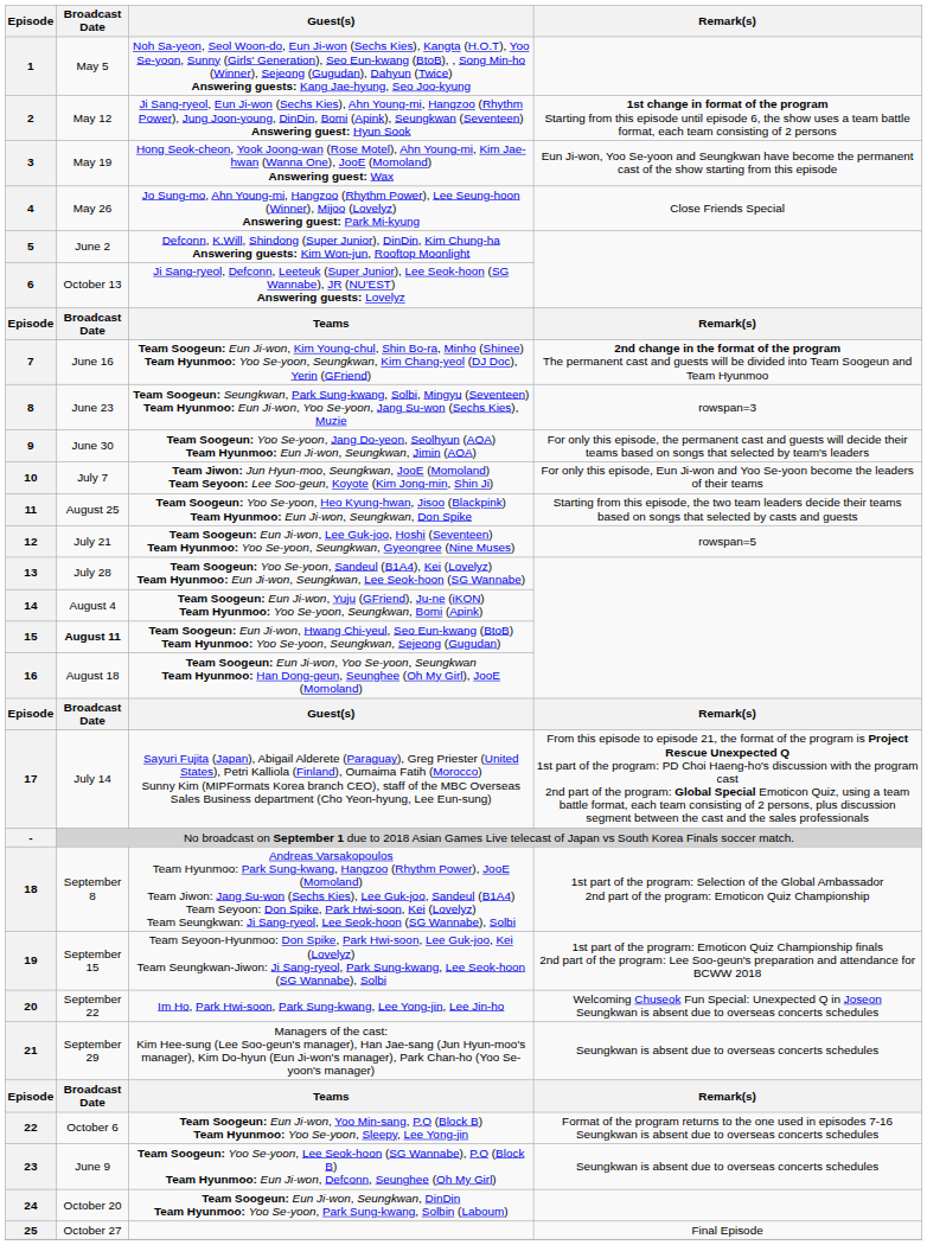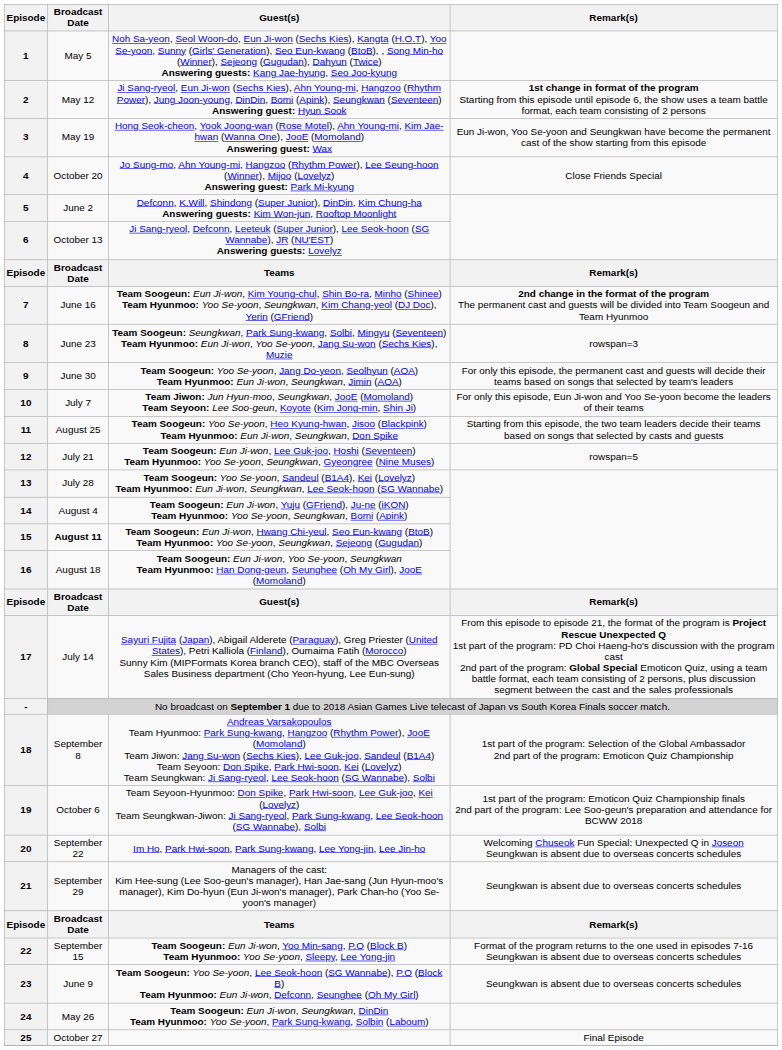 <table class=wikitable style=text-align:center>
 <tr>
 <th>Episode</th>
 <th>Broadcast Date</th>
 <th>Guest(s)</th>
 <th>Remark(s)</th>
 </tr>
 <tr>
 <th>1</th>
 <td>May 5</td>
 <td><a href='#'>Noh Sa-yeon</a>, <a href='#'>Seol Woon-do</a>, <a href='#'>Eun Ji-won</a> (<a href='#'>Sechs Kies</a>), <a href='#'>Kangta</a> (<a href='#'>H.O.T</a>), <a href='#'>Yoo Se-yoon</a>, <a href='#'>Sunny</a> (<a href='#'>Girls' Generation</a>), <a href='#'>Seo Eun-kwang</a> (<a href='#'>BtoB</a>), , <a href='#'>Song Min-ho</a> (<a href='#'>Winner</a>), <a href='#'>Sejeong</a> (<a href='#'>Gugudan</a>), <a href='#'>Dahyun</a> (<a href='#'>Twice</a>)<br><strong>Answering guests:</strong> <a href='#'>Kang Jae-hyung</a>, <a href='#'>Seo Joo-kyung</a></td>
 <td></td>
 </tr>
 <tr>
 <th>2</th>
 <td>May 12</td>
 <td><a href='#'>Ji Sang-ryeol</a>, <a href='#'>Eun Ji-won</a> (<a href='#'>Sechs Kies</a>), <a href='#'>Ahn Young-mi</a>, <a href='#'>Hangzoo</a> (<a href='#'>Rhythm Power</a>), <a href='#'>Jung Joon-young</a>, <a href='#'>DinDin</a>, <a href='#'>Bomi</a> (<a href='#'>Apink</a>), <a href='#'>Seungkwan</a> (<a href='#'>Seventeen</a>)<br><strong>Answering guest:</strong> <a href='#'>Hyun Sook</a></td>
 <td><strong>1st change in format of the program</strong><br>Starting from this episode until episode 6, the show uses a team battle format, each team consisting of 2 persons</td>
 </tr>
 <tr>
 <th>3</th>
 <td>May 19</td>
 <td><a href='#'>Hong Seok-cheon</a>, <a href='#'>Yook Joong-wan</a> (<a href='#'>Rose Motel</a>), <a href='#'>Ahn Young-mi</a>, <a href='#'>Kim Jae-hwan</a> (<a href='#'>Wanna One</a>), <a href='#'>JooE</a> (<a href='#'>Momoland</a>)<br><strong>Answering guest:</strong> <a href='#'>Wax</a></td>
 <td>Eun Ji-won, Yoo Se-yoon and Seungkwan have become the permanent cast of the show starting from this episode</td>
 </tr>
 <tr>
 <th>4</th>
-<td>May 26</td>
+<td>October 20</td>
 <td><a href='#'>Jo Sung-mo</a>, <a href='#'>Ahn Young-mi</a>, <a href='#'>Hangzoo</a> (<a href='#'>Rhythm Power</a>), <a href='#'>Lee Seung-hoon</a> (<a href='#'>Winner</a>), <a href='#'>Mijoo</a> (<a href='#'>Lovelyz</a>)<br><strong>Answering guest:</strong> <a href='#'>Park Mi-kyung</a></td>
 <td>Close Friends Special</td>
 </tr>
 <tr>
 <th>5</th>
 <td>June 2</td>
 <td><a href='#'>Defconn</a>, <a href='#'>K.Will</a>, <a href='#'>Shindong</a> (<a href='#'>Super Junior</a>), <a href='#'>DinDin</a>, <a href='#'>Kim Chung-ha</a><br><strong>Answering guests:</strong> <a href='#'>Kim Won-jun</a>, <a href='#'>Rooftop Moonlight</a></td>
 </tr>
 <tr>
 <th>6</th>
 <td>October 13</td>
 <td><a href='#'>Ji Sang-ryeol</a>, <a href='#'>Defconn</a>, <a href='#'>Leeteuk</a> (<a href='#'>Super Junior</a>), <a href='#'>Lee Seok-hoon</a> (<a href='#'>SG Wannabe</a>), <a href='#'>JR</a> (<a href='#'>NU'EST</a>)<br><strong>Answering guests:</strong> <a href='#'>Lovelyz</a></td>
 </tr>
 <tr>
 <th>Episode</th>
 <th>Broadcast Date</th>
 <th>Teams</th>
 <th>Remark(s)</th>
 </tr>
 <tr>
 <th>7</th>
 <td>June 16</td>
 <td><strong>Team Soogeun:</strong> <em>Eun Ji-won</em>, <a href='#'>Kim Young-chul</a>, <a href='#'>Shin Bo-ra</a>, <a href='#'>Minho</a> (<a href='#'>Shinee</a>)<br><strong>Team Hyunmoo:</strong> <em>Yoo Se-yoon</em>, <em>Seungkwan</em>, <a href='#'>Kim Chang-yeol</a> (<a href='#'>DJ Doc</a>), <a href='#'>Yerin</a> (<a href='#'>GFriend</a>)</td>
 <td><strong>2nd change in the format of the program</strong><br>The permanent cast and guests will be divided into Team Soogeun and Team Hyunmoo</td>
 </tr>
 <tr style=text-align:center>
 <th>8</th>
 <td>June 23</td>
 <td><strong>Team Soogeun:</strong> <em>Seungkwan</em>, <a href='#'>Park Sung-kwang</a>, <a href='#'>Solbi</a>, <a href='#'>Mingyu</a> (<a href='#'>Seventeen</a>)<br><strong>Team Hyunmoo:</strong> <em>Eun Ji-won</em>, <em>Yoo Se-yoon</em>, <a href='#'>Jang Su-won</a> (<a href='#'>Sechs Kies</a>), <a href='#'>Muzie</a></td>
 <td>rowspan=3 </td>
 </tr>
 <tr>
 <th>9</th>
 <td>June 30</td>
 <td><strong>Team Soogeun:</strong> <em>Yoo Se-yoon</em>, <a href='#'>Jang Do-yeon</a>, <a href='#'>Seolhyun</a> (<a href='#'>AOA</a>)<br><strong>Team Hyunmoo:</strong> <em>Eun Ji-won</em>, <em>Seungkwan</em>, <a href='#'>Jimin</a> (<a href='#'>AOA</a>)</td>
 <td>For only this episode, the permanent cast and guests will decide their teams based on songs that selected by team's leaders</td>
 </tr>
 <tr>
 <th>10</th>
 <td>July 7</td>
 <td><strong>Team Jiwon:</strong> <em>Jun Hyun-moo</em>, <em>Seungkwan</em>, <a href='#'>JooE</a> (<a href='#'>Momoland</a>)<br><strong>Team Seyoon:</strong> <em>Lee Soo-geun</em>, <a href='#'>Koyote</a> (<a href='#'>Kim Jong-min</a>, <a href='#'>Shin Ji</a>)</td>
 <td>For only this episode, Eun Ji-won and Yoo Se-yoon become the leaders of their teams</td>
 </tr>
 <tr>
 <th>11</th>
 <td>August 25</td>
 <td><strong>Team Soogeun:</strong> <em>Yoo Se-yoon</em>, <a href='#'>Heo Kyung-hwan</a>, <a href='#'>Jisoo</a> (<a href='#'>Blackpink</a>)<br><strong>Team Hyunmoo:</strong> <em>Eun Ji-won</em>, <em>Seungkwan</em>, <a href='#'>Don Spike</a></td>
 <td>Starting from this episode, the two team leaders decide their teams based on songs that selected by casts and guests</td>
 </tr>
 <tr>
 <th>12</th>
 <td>July 21</td>
 <td><strong>Team Soogeun:</strong> <em>Eun Ji-won</em>, <a href='#'>Lee Guk-joo</a>, <a href='#'>Hoshi</a> (<a href='#'>Seventeen</a>)<br><strong>Team Hyunmoo:</strong> <em>Yoo Se-yoon</em>, <em>Seungkwan</em>, <a href='#'>Gyeongree</a> (<a href='#'>Nine Muses</a>)</td>
 <td>rowspan=5 </td>
 </tr>
 <tr>
 <th>13</th>
 <td>July 28</td>
 <td><strong>Team Soogeun:</strong> <em>Yoo Se-yoon</em>, <a href='#'>Sandeul</a> (<a href='#'>B1A4</a>), <a href='#'>Kei</a> (<a href='#'>Lovelyz</a>) <br><strong>Team Hyunmoo:</strong> <em>Eun Ji-won</em>, <em>Seungkwan</em>, <a href='#'>Lee Seok-hoon</a> (<a href='#'>SG Wannabe</a>)</td>
 </tr>
 <tr>
 <th>14</th>
 <td>August 4</td>
 <td><strong>Team Soogeun:</strong> <em>Eun Ji-won</em>, <a href='#'>Yuju</a> (<a href='#'>GFriend</a>), <a href='#'>Ju-ne</a> (<a href='#'>iKON</a>) <br><strong>Team Hyunmoo:</strong> <em>Yoo Se-yoon</em>, <em>Seungkwan</em>, <a href='#'>Bomi</a> (<a href='#'>Apink</a>)</td>
 </tr>
 <tr>
 <th>15</th>
 <td><strong>August 11</strong></td>
 <td><strong>Team Soogeun:</strong> <em>Eun Ji-won</em>, <a href='#'>Hwang Chi-yeul</a>, <a href='#'>Seo Eun-kwang</a> (<a href='#'>BtoB</a>) <br><strong>Team Hyunmoo:</strong> <em>Yoo Se-yoon</em>, <em>Seungkwan</em>, <a href='#'>Sejeong</a> (<a href='#'>Gugudan</a>)</td>
 </tr>
 <tr>
 <th>16</th>
 <td>August 18</td>
 <td><strong>Team Soogeun:</strong> <em>Eun Ji-won</em>, <em>Yoo Se-yoon</em>, <em>Seungkwan</em><br><strong>Team Hyunmoo:</strong> <a href='#'>Han Dong-geun</a>, <a href='#'>Seunghee</a> (<a href='#'>Oh My Girl</a>), <a href='#'>JooE</a> (<a href='#'>Momoland</a>)</td>
 </tr>
 <tr>
 <th>Episode</th>
 <th>Broadcast Date</th>
 <th>Guest(s)</th>
 <th>Remark(s)</th>
 </tr>
 <tr>
 <th>17</th>
 <td>July 14</td>
 <td><a href='#'>Sayuri Fujita</a> (<a href='#'>Japan</a>), Abigail Alderete (<a href='#'>Paraguay</a>), Greg Priester (<a href='#'>United States</a>), Petri Kalliola (<a href='#'>Finland</a>), Oumaima Fatih (<a href='#'>Morocco</a>)<br>Sunny Kim (MIPFormats Korea branch CEO), staff of the MBC Overseas Sales Business department (Cho Yeon-hyung, Lee Eun-sung)</td>
 <td>From this episode to episode 21, the format of the program is <strong>Project Rescue Unexpected Q</strong><br>1st part of the program: PD Choi Haeng-ho's discussion with the program cast<br>2nd part of the program: <strong>Global Special</strong> Emoticon Quiz, using a team battle format, each team consisting of 2 persons, plus discussion segment between the cast and the sales professionals</td>
 </tr>
 <tr>
 <th>-</th>
 <td colspan=3 style=background:Lightgray>No broadcast on <strong>September 1</strong> due to 2018 Asian Games Live telecast of Japan vs South Korea Finals soccer match.</td>
 </tr>
 <tr>
 <th>18</th>
 <td>September 8</td>
 <td><a href='#'>Andreas Varsakopoulos</a><br>Team Hyunmoo: <a href='#'>Park Sung-kwang</a>, <a href='#'>Hangzoo</a> (<a href='#'>Rhythm Power</a>), <a href='#'>JooE</a> (<a href='#'>Momoland</a>)<br>Team Jiwon: <a href='#'>Jang Su-won</a> (<a href='#'>Sechs Kies</a>), <a href='#'>Lee Guk-joo</a>, <a href='#'>Sandeul</a> (<a href='#'>B1A4</a>)<br>Team Seyoon: <a href='#'>Don Spike</a>, <a href='#'>Park Hwi-soon</a>, <a href='#'>Kei</a> (<a href='#'>Lovelyz</a>)<br>Team Seungkwan: <a href='#'>Ji Sang-ryeol</a>, <a href='#'>Lee Seok-hoon</a> (<a href='#'>SG Wannabe</a>), <a href='#'>Solbi</a></td>
 <td>1st part of the program: Selection of the Global Ambassador<br>2nd part of the program: Emoticon Quiz Championship</td>
 </tr>
 <tr>
 <th>19</th>
-<td>September 15</td>
+<td>October 6</td>
 <td>Team Seyoon-Hyunmoo: <a href='#'>Don Spike</a>, <a href='#'>Park Hwi-soon</a>, <a href='#'>Lee Guk-joo</a>, <a href='#'>Kei</a> (<a href='#'>Lovelyz</a>)<br>Team Seungkwan-Jiwon: <a href='#'>Ji Sang-ryeol</a>, <a href='#'>Park Sung-kwang</a>, <a href='#'>Lee Seok-hoon</a> (<a href='#'>SG Wannabe</a>), <a href='#'>Solbi</a></td>
 <td>1st part of the program: Emoticon Quiz Championship finals<br>2nd part of the program: Lee Soo-geun's preparation and attendance for BCWW 2018</td>
 </tr>
 <tr>
 <th>20</th>
 <td>September 22</td>
 <td><a href='#'>Im Ho</a>, <a href='#'>Park Hwi-soon</a>, <a href='#'>Park Sung-kwang</a>, <a href='#'>Lee Yong-jin</a>, <a href='#'>Lee Jin-ho</a></td>
 <td>Welcoming <a href='#'>Chuseok</a> Fun Special: Unexpected Q in <a href='#'>Joseon</a><br>Seungkwan is absent due to overseas concerts schedules</td>
 </tr>
 <tr>
 <th>21</th>
 <td>September 29</td>
 <td>Managers of the cast:<br>Kim Hee-sung (Lee Soo-geun's manager), Han Jae-sang (Jun Hyun-moo's manager), Kim Do-hyun (Eun Ji-won's manager), Park Chan-ho (Yoo Se-yoon's manager)</td>
 <td>Seungkwan is absent due to overseas concerts schedules</td>
 </tr>
 <tr>
 <th>Episode</th>
 <th>Broadcast Date</th>
 <th>Teams</th>
 <th>Remark(s)</th>
 </tr>
 <tr>
 <th>22</th>
-<td>October 6</td>
+<td>September 15</td>
 <td><strong>Team Soogeun:</strong> <em>Eun Ji-won</em>, <a href='#'>Yoo Min-sang</a>, <a href='#'>P.O</a> (<a href='#'>Block B</a>)<br><strong>Team Hyunmoo:</strong> <em>Yoo Se-yoon</em>, <a href='#'>Sleepy</a>, <a href='#'>Lee Yong-jin</a></td>
 <td>Format of the program returns to the one used in episodes 7-16<br>Seungkwan is absent due to overseas concerts schedules</td>
 </tr>
 <tr>
 <th>23</th>
 <td>June 9</td>
 <td><strong>Team Soogeun:</strong> <em>Yoo Se-yoon</em>, <a href='#'>Lee Seok-hoon</a> (<a href='#'>SG Wannabe</a>), <a href='#'>P.O</a> (<a href='#'>Block B</a>)<br><strong>Team Hyunmoo:</strong> <em>Eun Ji-won</em>, <a href='#'>Defconn</a>, <a href='#'>Seunghee</a> (<a href='#'>Oh My Girl</a>)</td>
 <td>Seungkwan is absent due to overseas concerts schedules</td>
 </tr>
 <tr>
 <th>24</th>
-<td>October 20</td>
+<td>May 26</td>
 <td><strong>Team Soogeun:</strong> <em>Eun Ji-won</em>, <em>Seungkwan</em>, <a href='#'>DinDin</a><br><strong>Team Hyunmoo:</strong> <em>Yoo Se-yoon</em>, <a href='#'>Park Sung-kwang</a>, <a href='#'>Solbin</a> (<a href='#'>Laboum</a>)</td>
 <td></td>
 </tr>
 <tr>
 <th>25</th>
 <td>October 27</td>
 <td></td>
 <td>Final Episode</td>
 </tr>
 <tr>
 </tr>
 </table>
